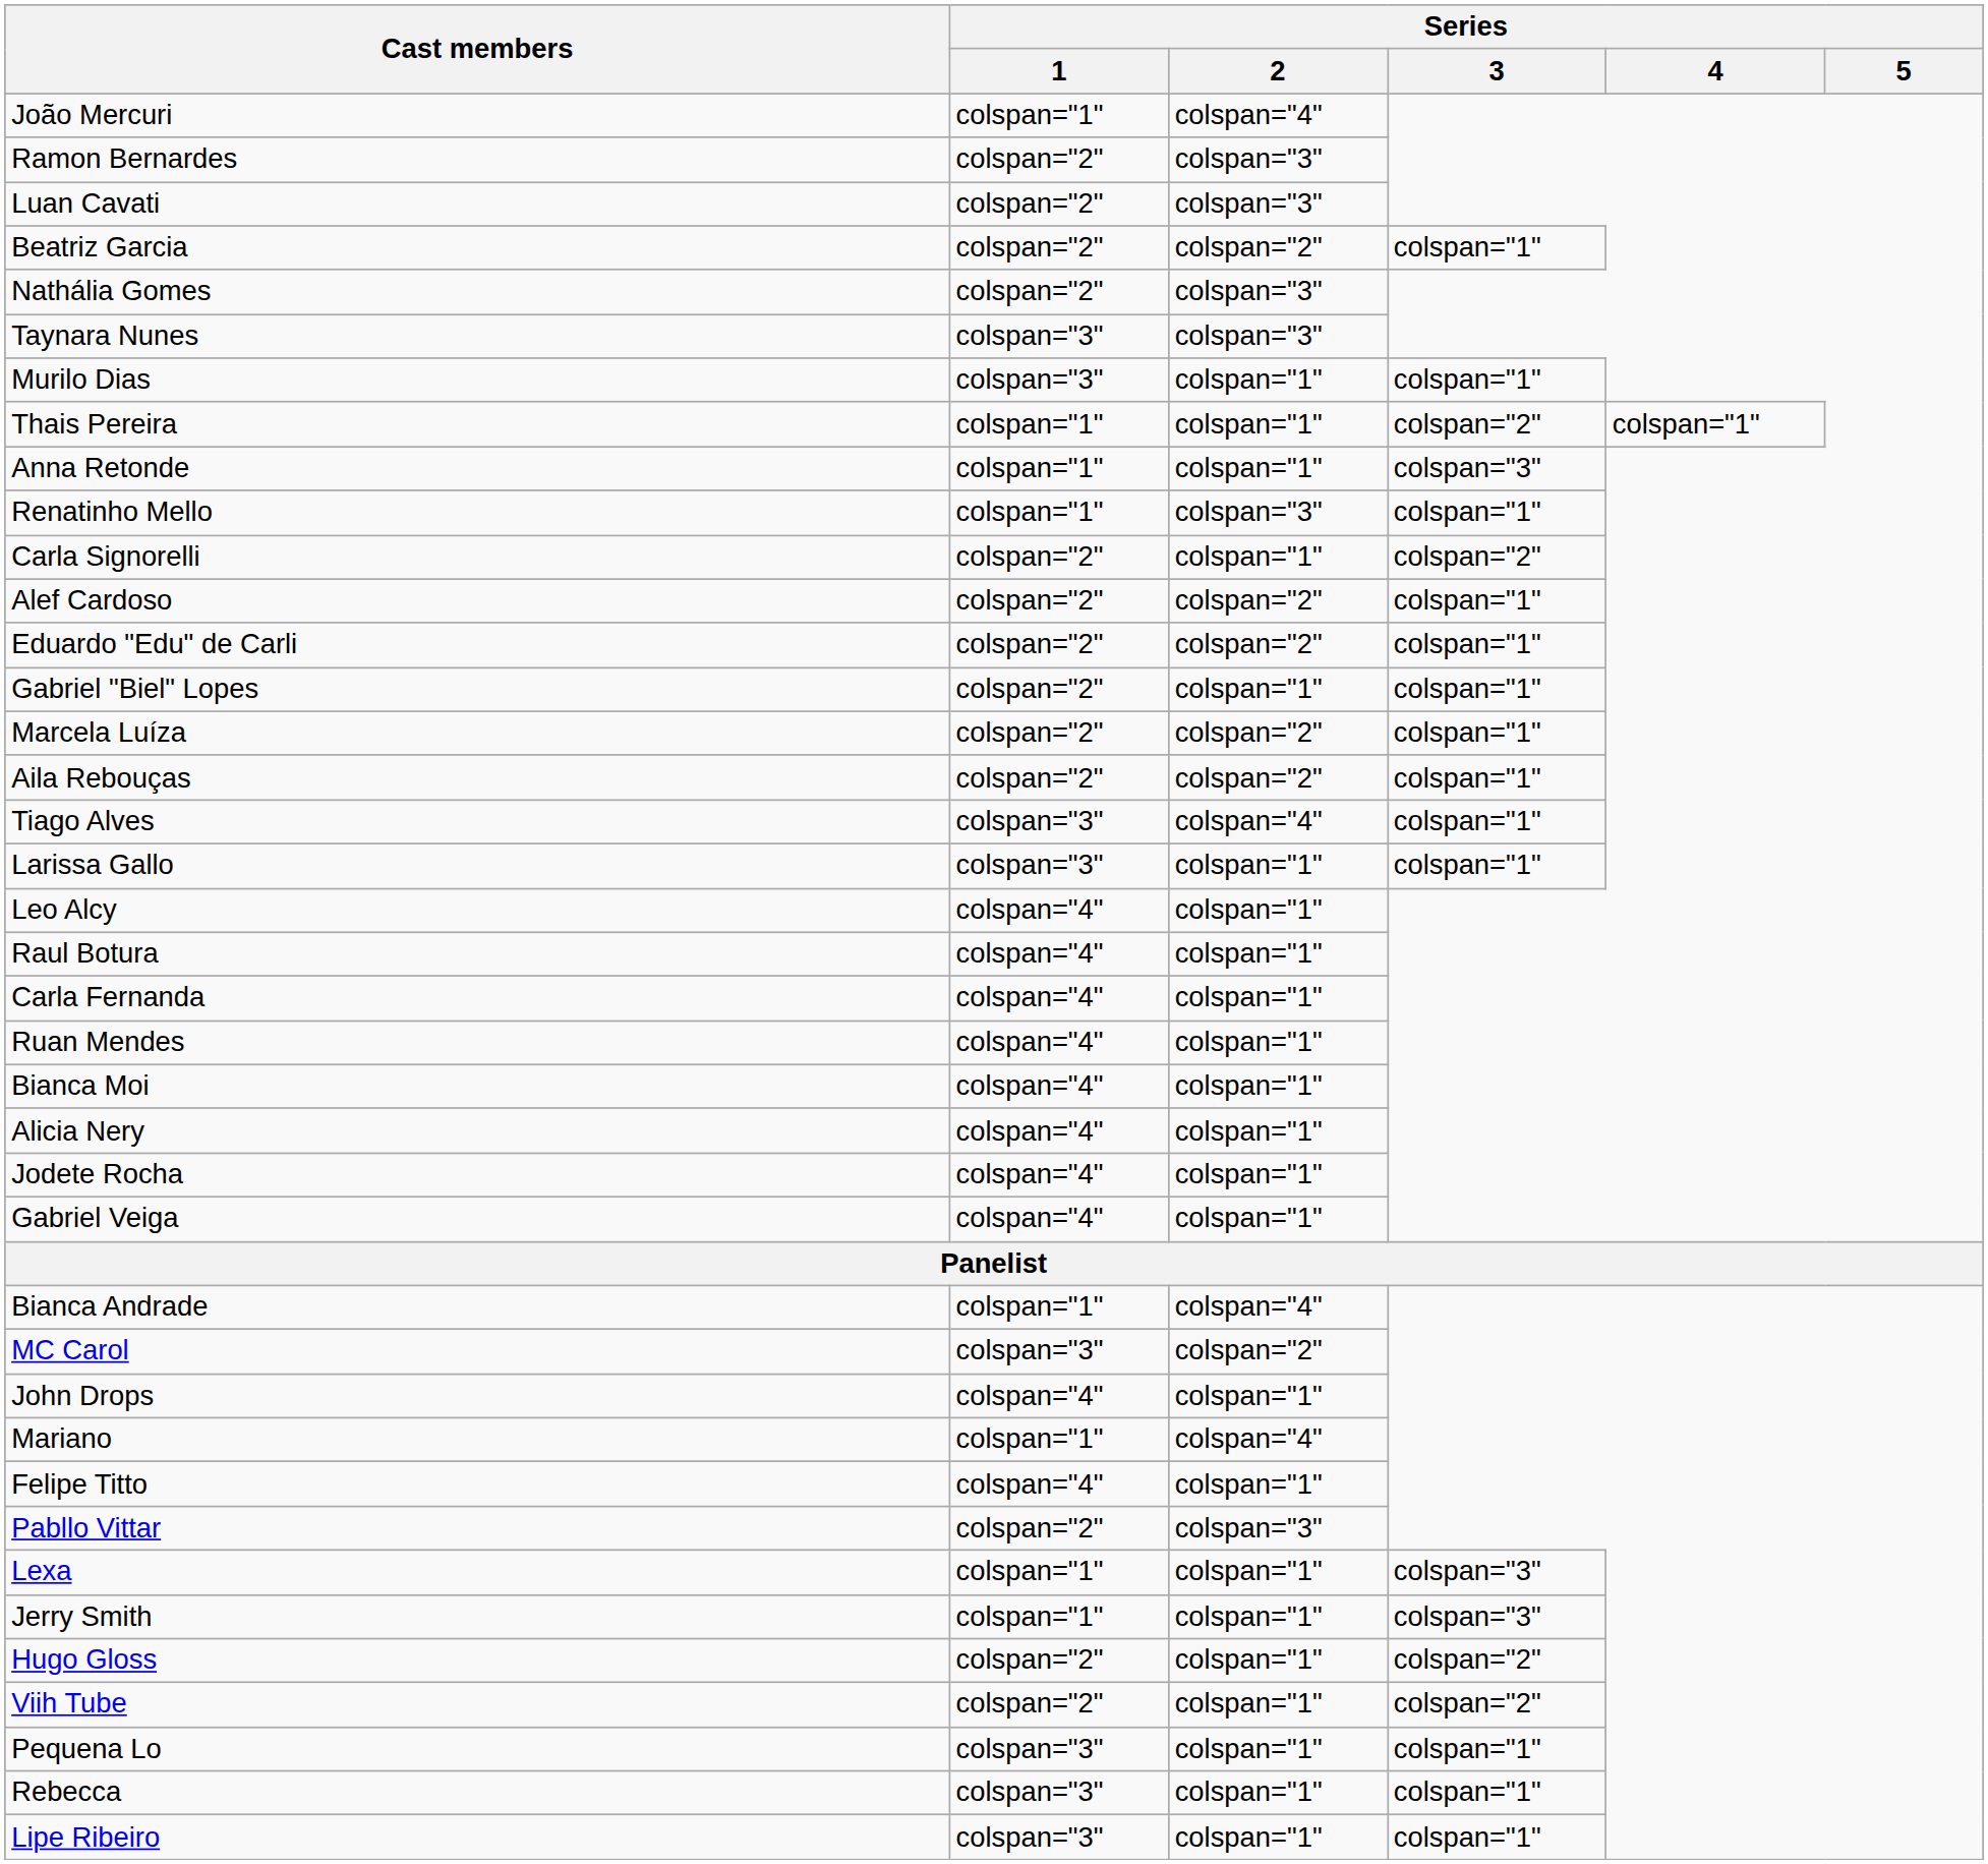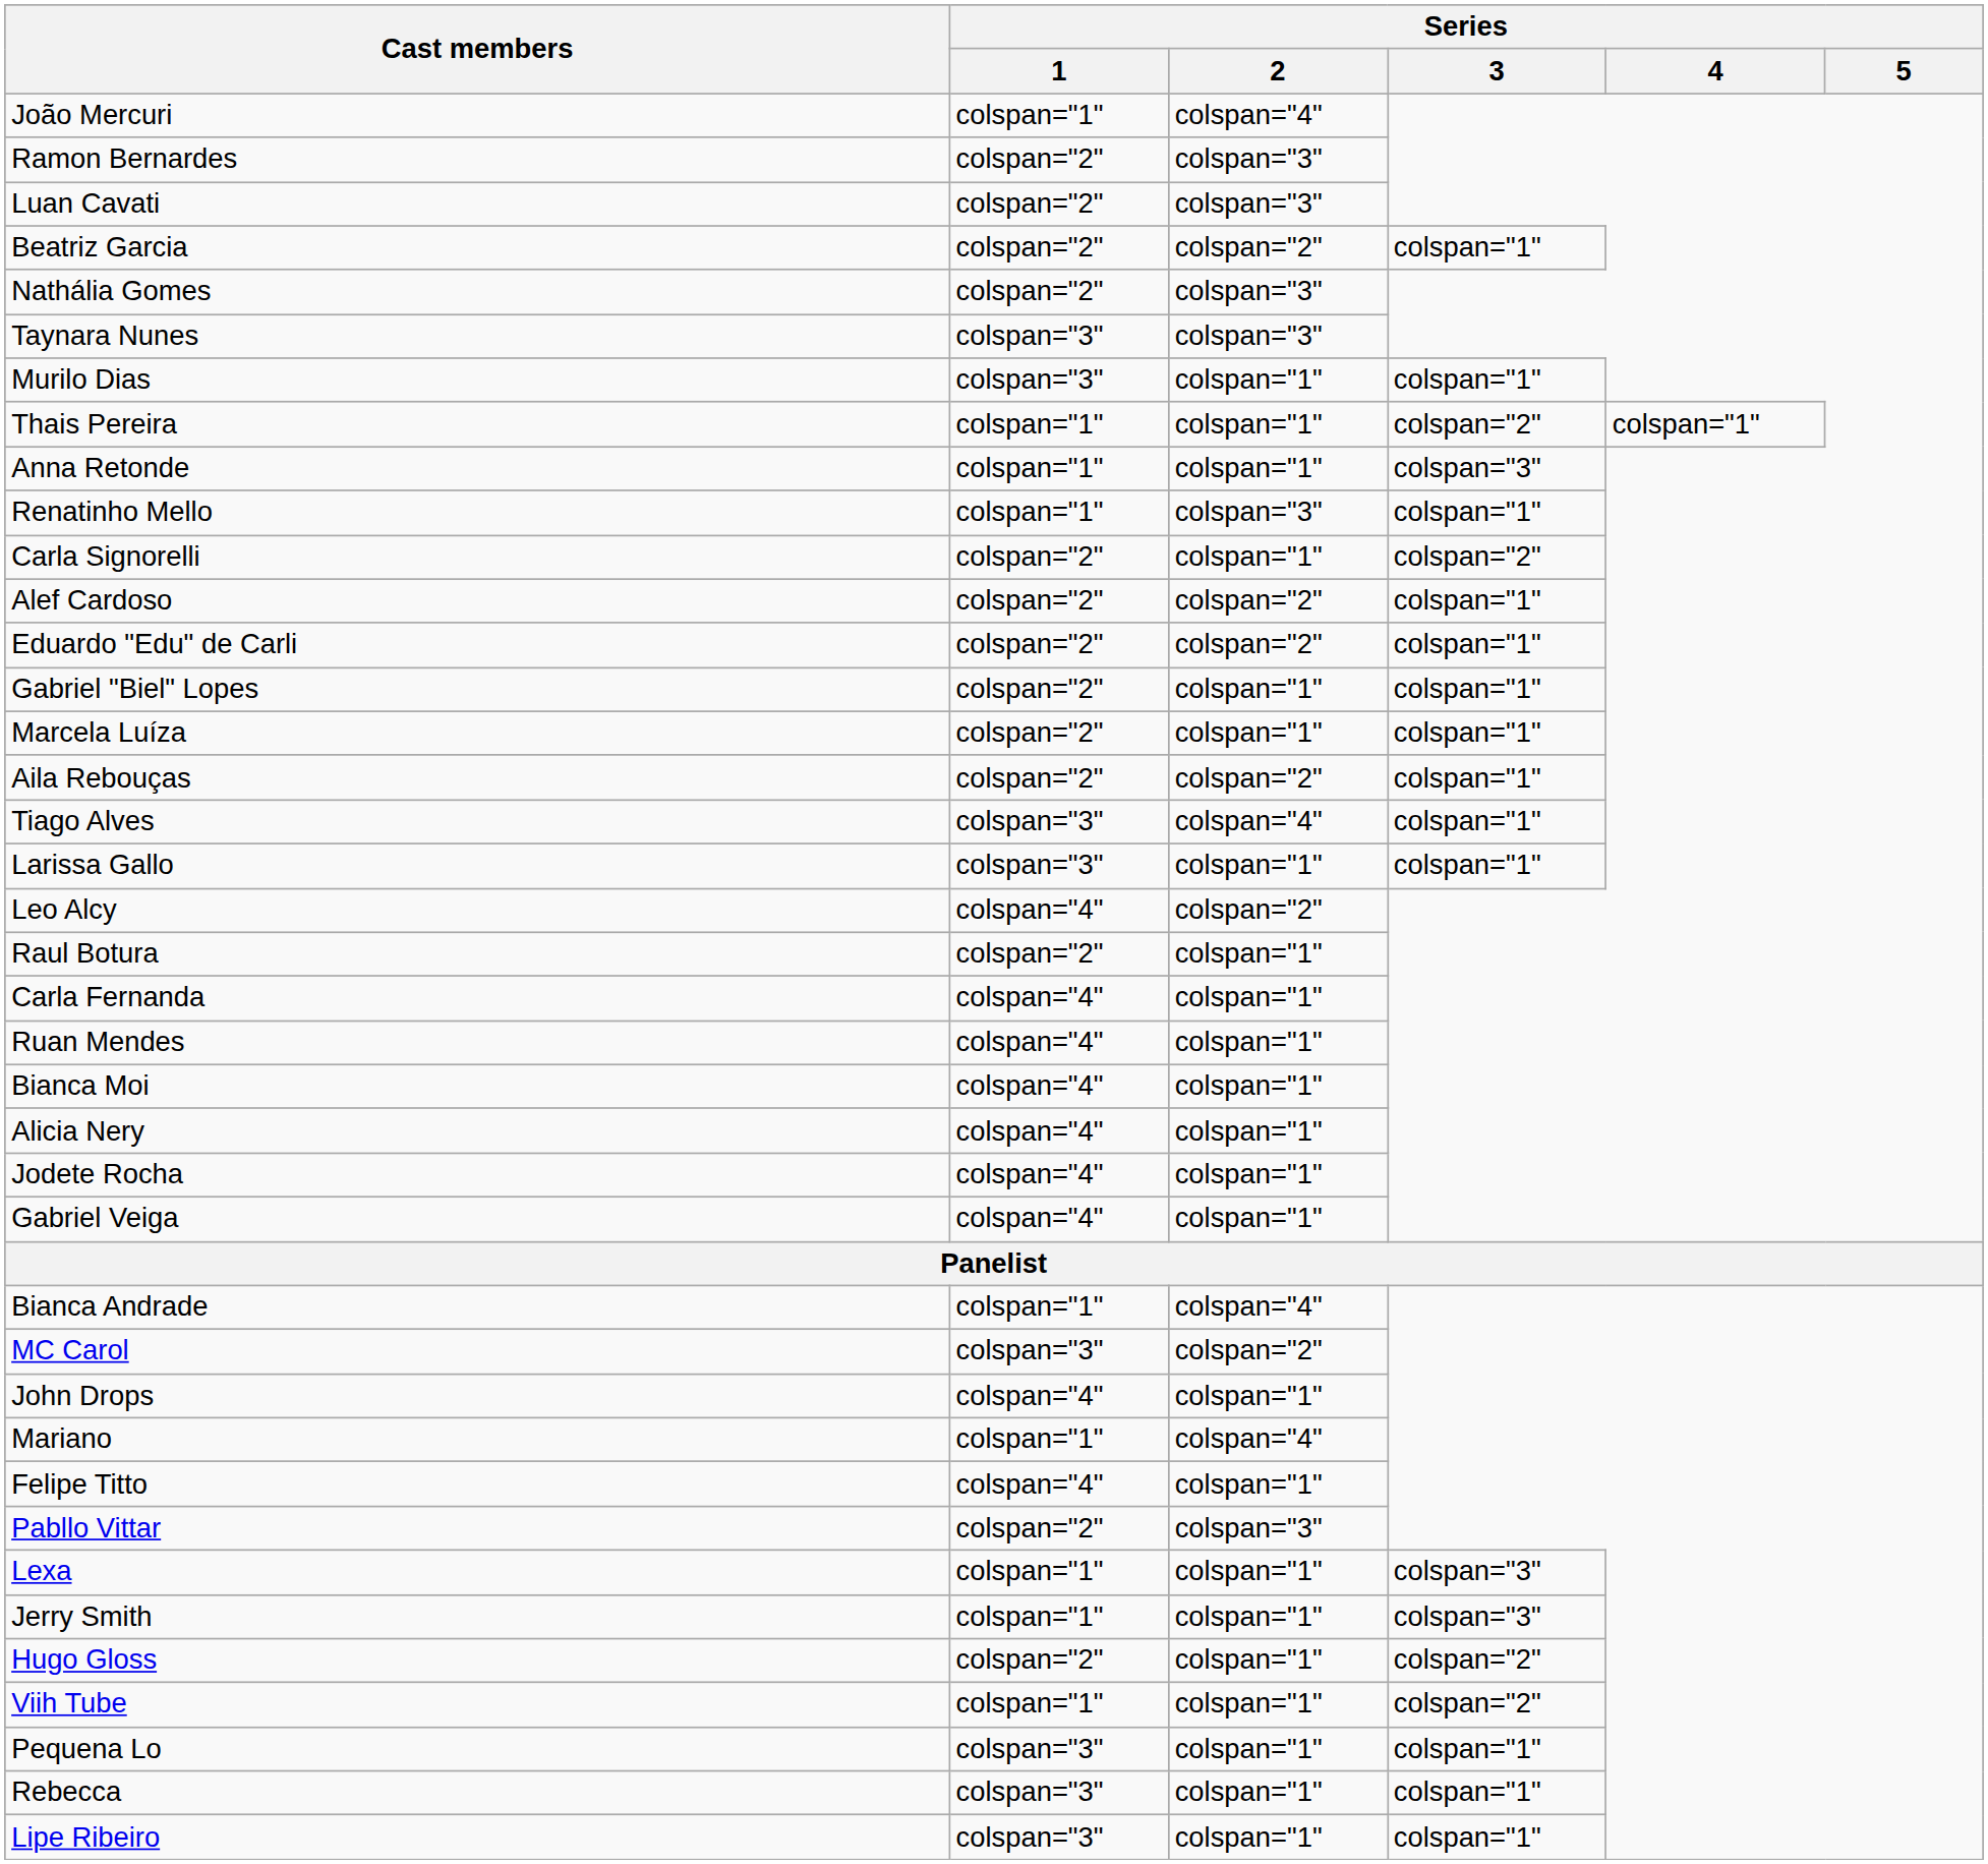 <table class="wikitable plainrowheaders" style="width:90%;">
 <tr>
 <th scope="col" rowspan="2" style="width:30%;">Cast members</th>
 <th colspan="5">Series</th>
 </tr>
 <tr>
 <th scope="col" style="width:5%;">1</th>
 <th scope="col" style="width:5%;">2</th>
 <th scope="col" style="width:5%;">3</th>
 <th scope="col" style="width:5%;">4</th>
 <th scope="col" style="width:5%;">5</th>
 </tr>
 <tr>
 <td>João Mercuri</td>
 <td>colspan="1" </td>
 <td>colspan="4" </td>
 </tr>
 <tr>
 <td>Ramon Bernardes</td>
 <td>colspan="2" </td>
 <td>colspan="3" </td>
 </tr>
 <tr>
 <td>Luan Cavati</td>
 <td>colspan="2" </td>
 <td>colspan="3" </td>
 </tr>
 <tr>
 <td>Beatriz Garcia</td>
 <td>colspan="2" </td>
 <td>colspan="2" </td>
 <td>colspan="1" </td>
 </tr>
 <tr>
 <td>Nathália Gomes</td>
 <td>colspan="2" </td>
 <td>colspan="3" </td>
 </tr>
 <tr>
 <td>Taynara Nunes</td>
 <td>colspan="3" </td>
 <td>colspan="3" </td>
 </tr>
 <tr>
 <td>Murilo Dias</td>
 <td>colspan="3" </td>
 <td>colspan="1" </td>
 <td>colspan="1" </td>
 </tr>
 <tr>
 <td>Thais Pereira</td>
 <td>colspan="1" </td>
 <td>colspan="1" </td>
 <td>colspan="2" </td>
 <td>colspan="1" </td>
 </tr>
 <tr>
 <td>Anna Retonde</td>
 <td>colspan="1" </td>
 <td>colspan="1" </td>
 <td>colspan="3" </td>
 </tr>
 <tr>
 <td>Renatinho Mello</td>
 <td>colspan="1" </td>
 <td>colspan="3" </td>
 <td>colspan="1" </td>
 </tr>
 <tr>
 <td>Carla Signorelli</td>
 <td>colspan="2" </td>
 <td>colspan="1" </td>
 <td>colspan="2" </td>
 </tr>
 <tr>
 <td>Alef Cardoso</td>
 <td>colspan="2" </td>
 <td>colspan="2" </td>
 <td>colspan="1" </td>
 </tr>
 <tr>
 <td>Eduardo "Edu" de Carli</td>
 <td>colspan="2" </td>
 <td>colspan="2" </td>
 <td>colspan="1" </td>
 </tr>
 <tr>
 <td>Gabriel "Biel" Lopes</td>
 <td>colspan="2" </td>
 <td>colspan="1" </td>
 <td>colspan="1" </td>
 </tr>
 <tr>
 <td>Marcela Luíza</td>
 <td>colspan="2" </td>
-<td>colspan="2" </td>
+<td>colspan="1" </td>
 <td>colspan="1" </td>
 </tr>
 <tr>
 <td>Aila Rebouças</td>
 <td>colspan="2" </td>
 <td>colspan="2" </td>
 <td>colspan="1" </td>
 </tr>
 <tr>
 <td>Tiago Alves</td>
 <td>colspan="3" </td>
 <td>colspan="4" </td>
 <td>colspan="1" </td>
 </tr>
 <tr>
 <td>Larissa Gallo</td>
 <td>colspan="3" </td>
 <td>colspan="1" </td>
 <td>colspan="1" </td>
 </tr>
 <tr>
 <td>Leo Alcy</td>
 <td>colspan="4" </td>
-<td>colspan="1" </td>
+<td>colspan="2" </td>
 </tr>
 <tr>
 <td>Raul Botura</td>
-<td>colspan="4" </td>
+<td>colspan="2" </td>
 <td>colspan="1" </td>
 </tr>
 <tr>
 <td>Carla Fernanda</td>
 <td>colspan="4" </td>
 <td>colspan="1" </td>
 </tr>
 <tr>
 <td>Ruan Mendes</td>
 <td>colspan="4" </td>
 <td>colspan="1" </td>
 </tr>
 <tr>
 <td>Bianca Moi</td>
 <td>colspan="4" </td>
 <td>colspan="1" </td>
 </tr>
 <tr>
 <td>Alicia Nery</td>
 <td>colspan="4" </td>
 <td>colspan="1" </td>
 </tr>
 <tr>
 <td>Jodete Rocha</td>
 <td>colspan="4" </td>
 <td>colspan="1" </td>
 </tr>
 <tr>
 <td>Gabriel Veiga</td>
 <td>colspan="4" </td>
 <td>colspan="1" </td>
 </tr>
 <tr>
 <th colspan="6">Panelist</th>
 </tr>
 <tr>
 <td>Bianca Andrade</td>
 <td>colspan="1" </td>
 <td>colspan="4" </td>
 </tr>
 <tr>
 <td><a href='#'>MC Carol</a></td>
 <td>colspan="3" </td>
 <td>colspan="2" </td>
 </tr>
 <tr>
 <td>John Drops</td>
 <td>colspan="4" </td>
 <td>colspan="1" </td>
 </tr>
 <tr>
 <td>Mariano</td>
 <td>colspan="1" </td>
 <td>colspan="4" </td>
 </tr>
 <tr>
 <td>Felipe Titto</td>
 <td>colspan="4" </td>
 <td>colspan="1" </td>
 </tr>
 <tr>
 <td><a href='#'>Pabllo Vittar</a></td>
 <td>colspan="2" </td>
 <td>colspan="3" </td>
 </tr>
 <tr>
 <td><a href='#'>Lexa</a></td>
 <td>colspan="1" </td>
 <td>colspan="1" </td>
 <td>colspan="3" </td>
 </tr>
 <tr>
 <td>Jerry Smith</td>
 <td>colspan="1" </td>
 <td>colspan="1" </td>
 <td>colspan="3" </td>
 </tr>
 <tr>
 <td><a href='#'>Hugo Gloss</a></td>
 <td>colspan="2" </td>
 <td>colspan="1" </td>
 <td>colspan="2" </td>
 </tr>
 <tr>
 <td><a href='#'>Viih Tube</a></td>
-<td>colspan="2" </td>
+<td>colspan="1" </td>
 <td>colspan="1" </td>
 <td>colspan="2" </td>
 </tr>
 <tr>
 <td>Pequena Lo</td>
 <td>colspan="3" </td>
 <td>colspan="1" </td>
 <td>colspan="1" </td>
 </tr>
 <tr>
 <td>Rebecca</td>
 <td>colspan="3" </td>
 <td>colspan="1" </td>
 <td>colspan="1" </td>
 </tr>
 <tr>
 <td><a href='#'>Lipe Ribeiro</a></td>
 <td>colspan="3" </td>
 <td>colspan="1" </td>
 <td>colspan="1" </td>
 </tr>
 </table>
